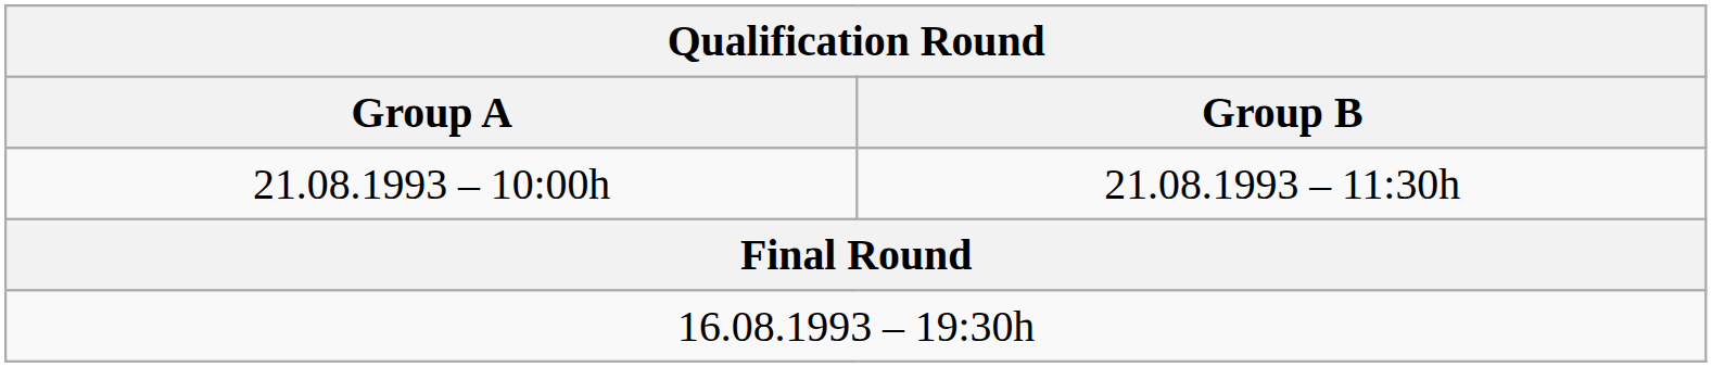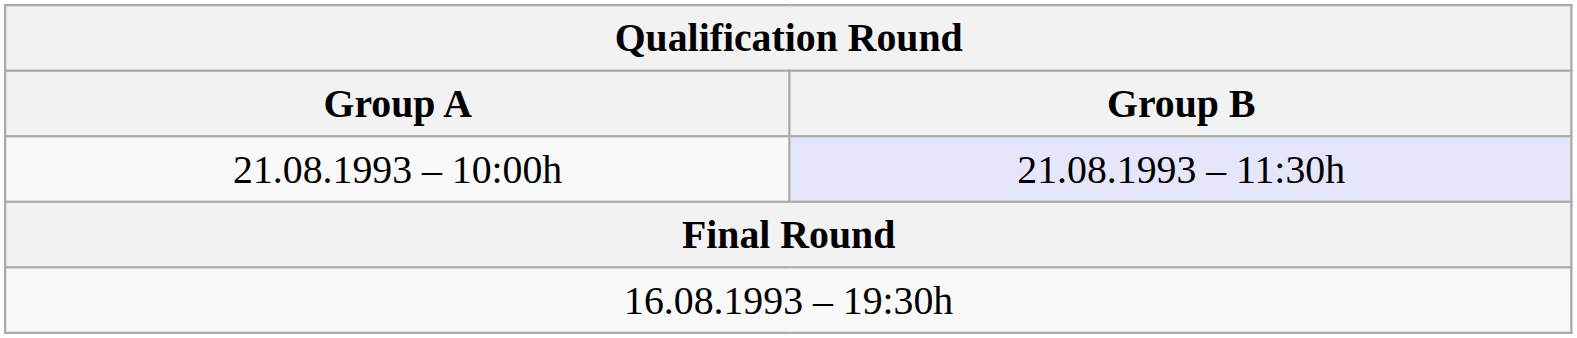 <table class="wikitable" style=" text-align:center; font-size:110%;" width="35%">
 <tr>
 <th colspan="2">Qualification Round</th>
 </tr>
 <tr>
 <th>Group A</th>
 <th>Group B</th>
 </tr>
 <tr>
 <td>21.08.1993 – 10:00h</td>
-<td>21.08.1993 – 11:30h</td>
+<td style="background: lavender;">21.08.1993 – 11:30h</td>
 </tr>
 <tr>
 <th colspan="2">Final Round</th>
 </tr>
 <tr>
 <td colspan="2">16.08.1993 – 19:30h</td>
 </tr>
 </table>
